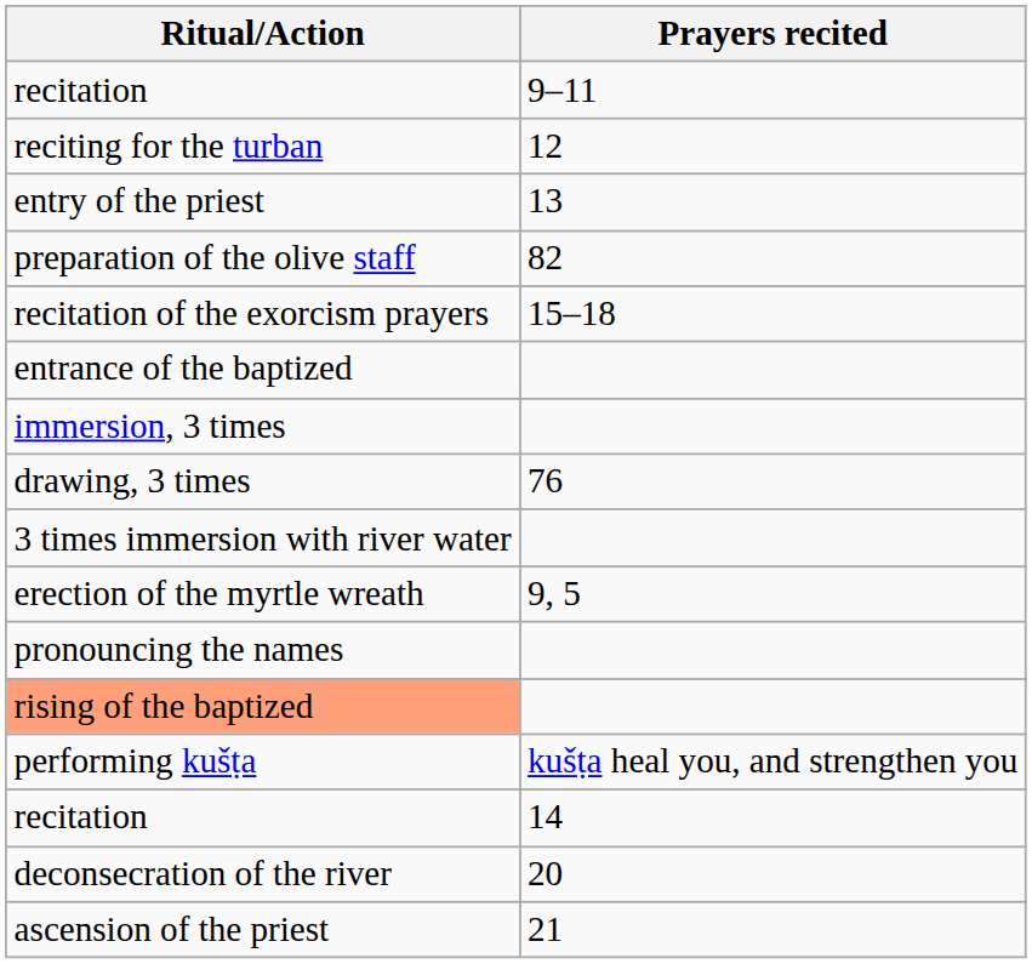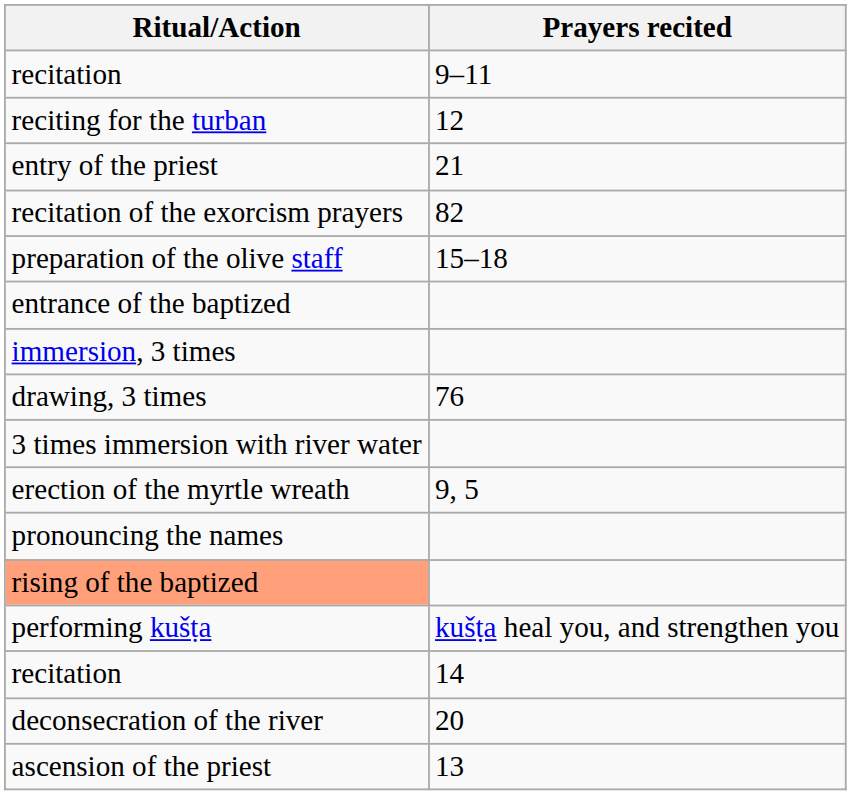 <table class="wikitable sortable">
 <tr>
 <th>Ritual/Action</th>
 <th>Prayers recited</th>
 </tr>
 <tr>
 <td>recitation</td>
 <td>9–11</td>
 </tr>
 <tr>
 <td>reciting for the <a href='#'>turban</a></td>
 <td>12</td>
 </tr>
 <tr>
 <td>entry of the priest</td>
-<td>13</td>
+<td>21</td>
+</tr>
+<tr>
+<td>recitation of the exorcism prayers</td>
+<td>82</td>
 </tr>
 <tr>
 <td>preparation of the olive <a href='#'>staff</a></td>
-<td>82</td>
-</tr>
-<tr>
-<td>recitation of the exorcism prayers</td>
 <td>15–18</td>
 </tr>
 <tr>
 <td>entrance of the baptized</td>
 <td></td>
 </tr>
 <tr>
 <td><a href='#'>immersion</a>, 3 times</td>
 <td></td>
 </tr>
 <tr>
 <td>drawing, 3 times</td>
 <td>76</td>
 </tr>
 <tr>
 <td>3 times immersion with river water</td>
 </tr>
 <tr>
 <td>erection of the myrtle wreath</td>
 <td>9, 5</td>
 </tr>
 <tr>
 <td>pronouncing the names</td>
 <td></td>
 </tr>
 <tr>
 <td style="background: lightsalmon;">rising of the baptized</td>
 <td></td>
 </tr>
 <tr>
 <td>performing <a href='#'>kušṭa</a></td>
 <td><a href='#'>kušṭa</a> heal you, and strengthen you</td>
 </tr>
 <tr>
 <td>recitation</td>
 <td>14</td>
 </tr>
 <tr>
 <td>deconsecration of the river</td>
 <td>20</td>
 </tr>
 <tr>
 <td>ascension of the priest</td>
-<td>21</td>
+<td>13</td>
 </tr>
 </table>
